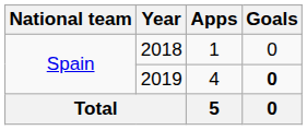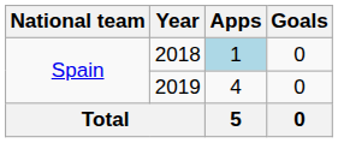 <table class="wikitable" style="text-align:center">
 <tr>
 <th>National team</th>
 <th>Year</th>
 <th>Apps</th>
 <th>Goals</th>
 </tr>
 <tr>
 <td rowspan="2"><a href='#'>Spain</a></td>
 <td>2018</td>
-<td>1</td>
+<td style="background: lightblue;">1</td>
 <td>0</td>
 </tr>
 <tr>
 <td>2019</td>
 <td>4</td>
-<td><strong>0</strong></td>
+<td>0</td>
 </tr>
 <tr>
 <th colspan="2">Total</th>
 <th>5</th>
 <th>0</th>
 </tr>
 </table>
